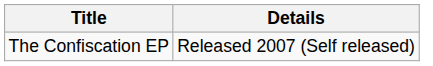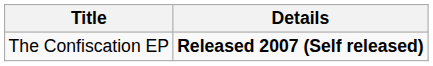 <table class="wikitable">
 <tr>
 <th>Title</th>
 <th>Details</th>
 </tr>
 <tr>
 <td>The Confiscation EP</td>
-<td>Released 2007 (Self released)</td>
+<td><strong>Released 2007 (Self released)</strong></td>
 </tr>
 </table>
